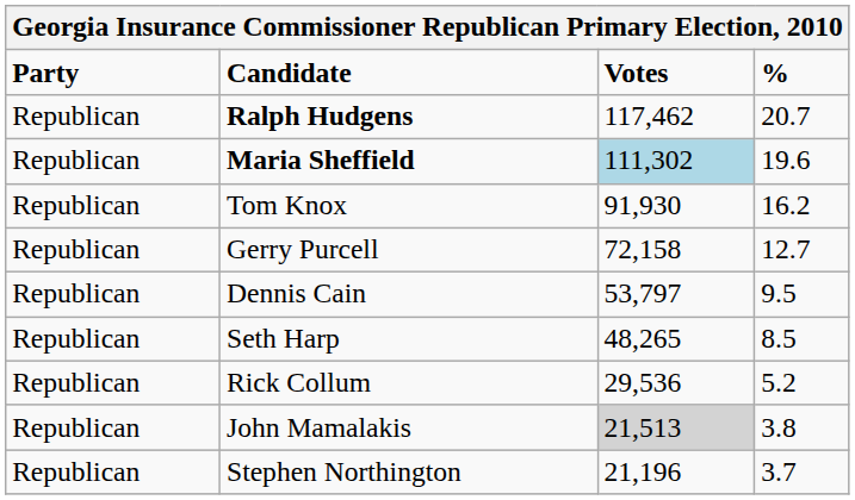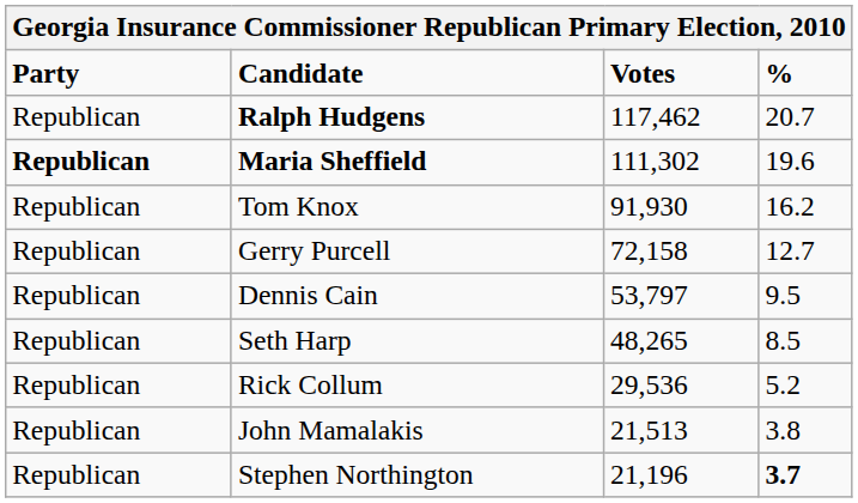 <table class="wikitable">
 <tr>
 <th colspan="4">Georgia Insurance Commissioner Republican Primary Election, 2010</th>
 </tr>
 <tr>
 <td><strong>Party</strong></td>
 <td><strong>Candidate</strong></td>
 <td><strong>Votes</strong></td>
 <td><strong>%</strong></td>
 </tr>
 <tr>
 <td>Republican</td>
 <td><strong>Ralph Hudgens</strong></td>
 <td>117,462</td>
 <td>20.7</td>
 </tr>
 <tr>
-<td>Republican</td>
+<td><strong>Republican</strong></td>
 <td><strong>Maria Sheffield</strong></td>
-<td style="background: lightblue;">111,302</td>
+<td>111,302</td>
 <td>19.6</td>
 </tr>
 <tr>
 <td>Republican</td>
 <td>Tom Knox</td>
 <td>91,930</td>
 <td>16.2</td>
 </tr>
 <tr>
 <td>Republican</td>
 <td>Gerry Purcell</td>
 <td>72,158</td>
 <td>12.7</td>
 </tr>
 <tr>
 <td>Republican</td>
 <td>Dennis Cain</td>
 <td>53,797</td>
 <td>9.5</td>
 </tr>
 <tr>
 <td>Republican</td>
 <td>Seth Harp</td>
 <td>48,265</td>
 <td>8.5</td>
 </tr>
 <tr>
 <td>Republican</td>
 <td>Rick Collum</td>
 <td>29,536</td>
 <td>5.2</td>
 </tr>
 <tr>
 <td>Republican</td>
 <td>John Mamalakis</td>
-<td style="background: lightgrey;">21,513</td>
+<td>21,513</td>
 <td>3.8</td>
 </tr>
 <tr>
 <td>Republican</td>
 <td>Stephen Northington</td>
 <td>21,196</td>
-<td>3.7</td>
+<td><strong>3.7</strong></td>
 </tr>
 </table>
